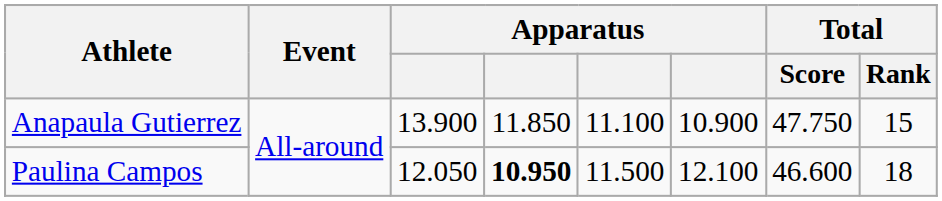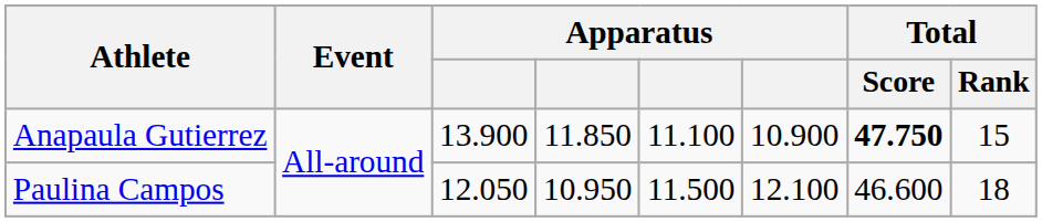 <table class=wikitable style=font-size:90%;text-align:center>
 <tr>
 <th rowspan=2>Athlete</th>
 <th rowspan=2>Event</th>
 <th colspan=4>Apparatus</th>
 <th colspan=2>Total</th>
 </tr>
 <tr style=font-size:95%>
 <th></th>
 <th></th>
 <th></th>
 <th></th>
 <th>Score</th>
 <th>Rank</th>
 </tr>
 <tr>
 <td align=left><a href='#'>Anapaula Gutierrez</a></td>
 <td align=left rowspan=2><a href='#'>All-around</a></td>
 <td>13.900</td>
 <td>11.850</td>
 <td>11.100</td>
 <td>10.900</td>
-<td>47.750</td>
+<td><strong>47.750</strong></td>
 <td>15</td>
 </tr>
 <tr>
 <td align=left><a href='#'>Paulina Campos</a></td>
 <td>12.050</td>
-<td><strong>10.950</strong></td>
+<td>10.950</td>
 <td>11.500</td>
 <td>12.100</td>
 <td>46.600</td>
 <td>18</td>
 </tr>
 </table>
